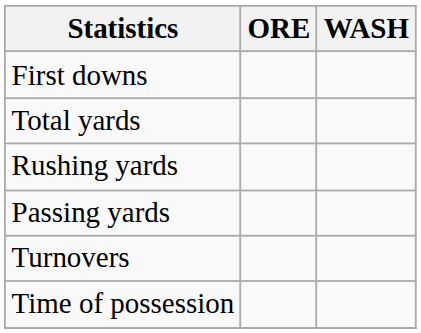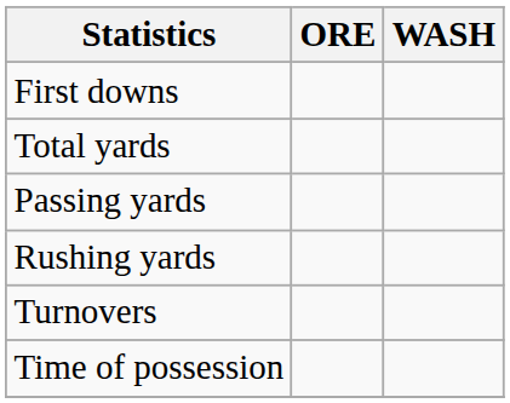 <table class="wikitable" style="float: left;">
 <tr>
 <th>Statistics</th>
 <th>ORE</th>
 <th>WASH</th>
 </tr>
 <tr>
 <td>First downs</td>
 <td></td>
 <td></td>
 </tr>
 <tr>
 <td>Total yards</td>
 <td></td>
 <td></td>
 </tr>
 <tr>
-<td>Rushing yards</td>
+<td>Passing yards</td>
 <td></td>
 <td></td>
 </tr>
 <tr>
-<td>Passing yards</td>
+<td>Rushing yards</td>
 <td></td>
 <td></td>
 </tr>
 <tr>
 <td>Turnovers</td>
 <td></td>
 <td></td>
 </tr>
 <tr>
 <td>Time of possession</td>
 <td></td>
 <td></td>
 </tr>
 <tr>
 </tr>
 </table>
